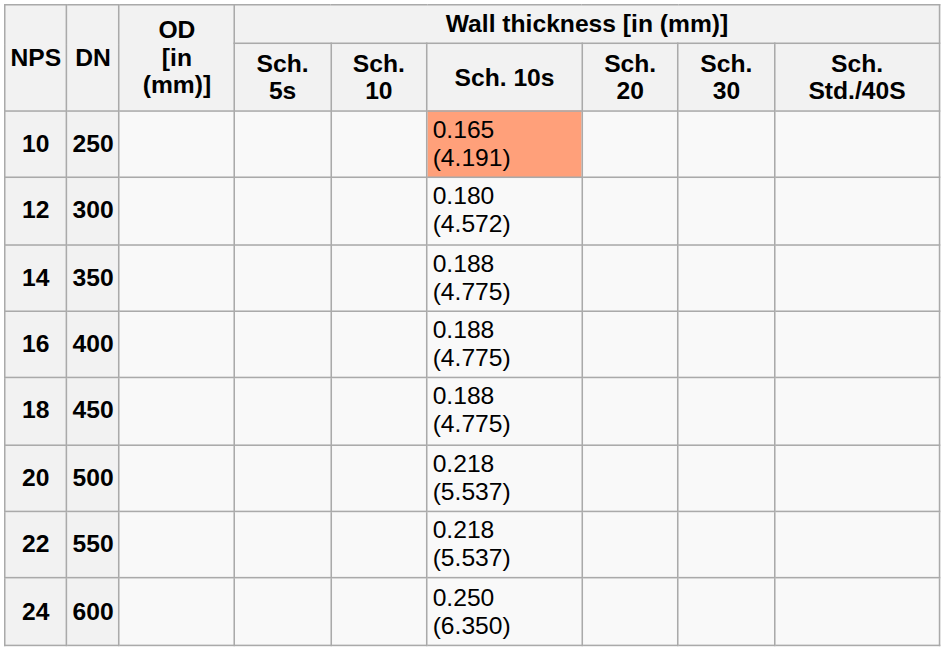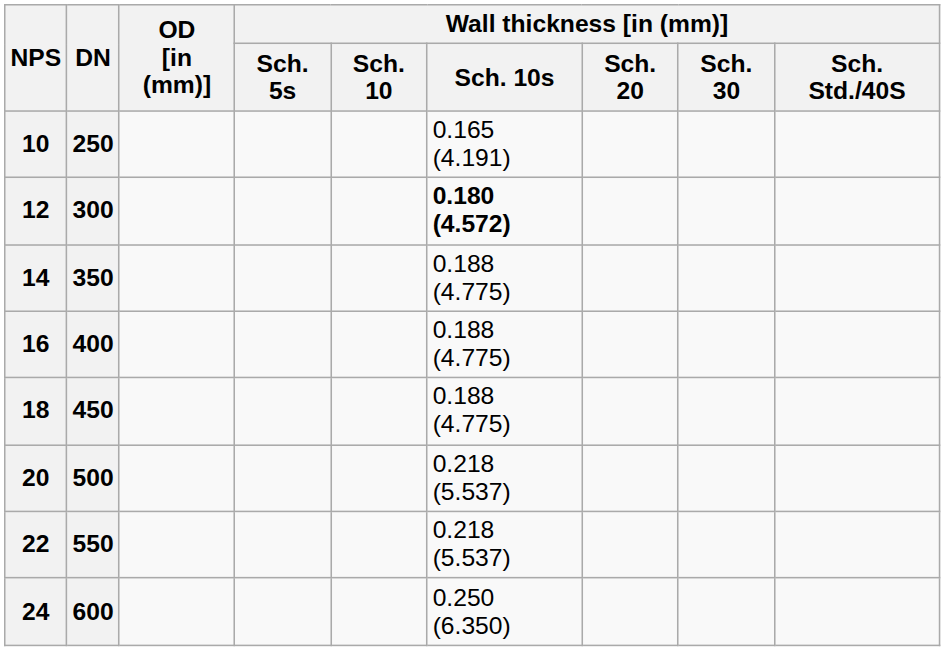 <table class="wikitable">
 <tr>
 <th rowspan="2">NPS</th>
 <th rowspan="2">DN</th>
 <th rowspan="2">OD<br>[in (mm)]</th>
 <th colspan="6">Wall thickness [in (mm)]</th>
 </tr>
 <tr>
 <th>Sch. 5s</th>
 <th>Sch. 10</th>
 <th>Sch. 10s</th>
 <th>Sch. 20</th>
 <th>Sch. 30</th>
 <th>Sch. Std./40S</th>
 </tr>
 <tr>
 <th>10</th>
 <th>250</th>
 <td></td>
 <td></td>
 <td></td>
-<td style="background: lightsalmon;">0.165 (4.191)</td>
+<td>0.165 (4.191)</td>
 <td></td>
 <td></td>
 <td></td>
 </tr>
 <tr>
 <th>12</th>
 <th>300</th>
 <td></td>
 <td></td>
 <td></td>
-<td>0.180 (4.572)</td>
+<td><strong>0.180 (4.572)</strong></td>
 <td></td>
 <td></td>
 <td></td>
 </tr>
 <tr>
 <th>14</th>
 <th>350</th>
 <td></td>
 <td></td>
 <td></td>
 <td>0.188 (4.775)</td>
 <td></td>
 <td></td>
 <td></td>
 </tr>
 <tr>
 <th>16</th>
 <th>400</th>
 <td></td>
 <td></td>
 <td></td>
 <td>0.188 (4.775)</td>
 <td></td>
 <td></td>
 <td></td>
 </tr>
 <tr>
 <th>18</th>
 <th>450</th>
 <td></td>
 <td></td>
 <td></td>
 <td>0.188 (4.775)</td>
 <td></td>
 <td></td>
 <td></td>
 </tr>
 <tr>
 <th>20</th>
 <th>500</th>
 <td></td>
 <td></td>
 <td></td>
 <td>0.218 (5.537)</td>
 <td></td>
 <td></td>
 <td></td>
 </tr>
 <tr>
 <th>22</th>
 <th>550</th>
 <td></td>
 <td></td>
 <td></td>
 <td>0.218 (5.537)</td>
 <td></td>
 <td></td>
 <td></td>
 </tr>
 <tr>
 <th>24</th>
 <th>600</th>
 <td></td>
 <td></td>
 <td></td>
 <td>0.250 (6.350)</td>
 <td></td>
 <td></td>
 <td></td>
 </tr>
 </table>
